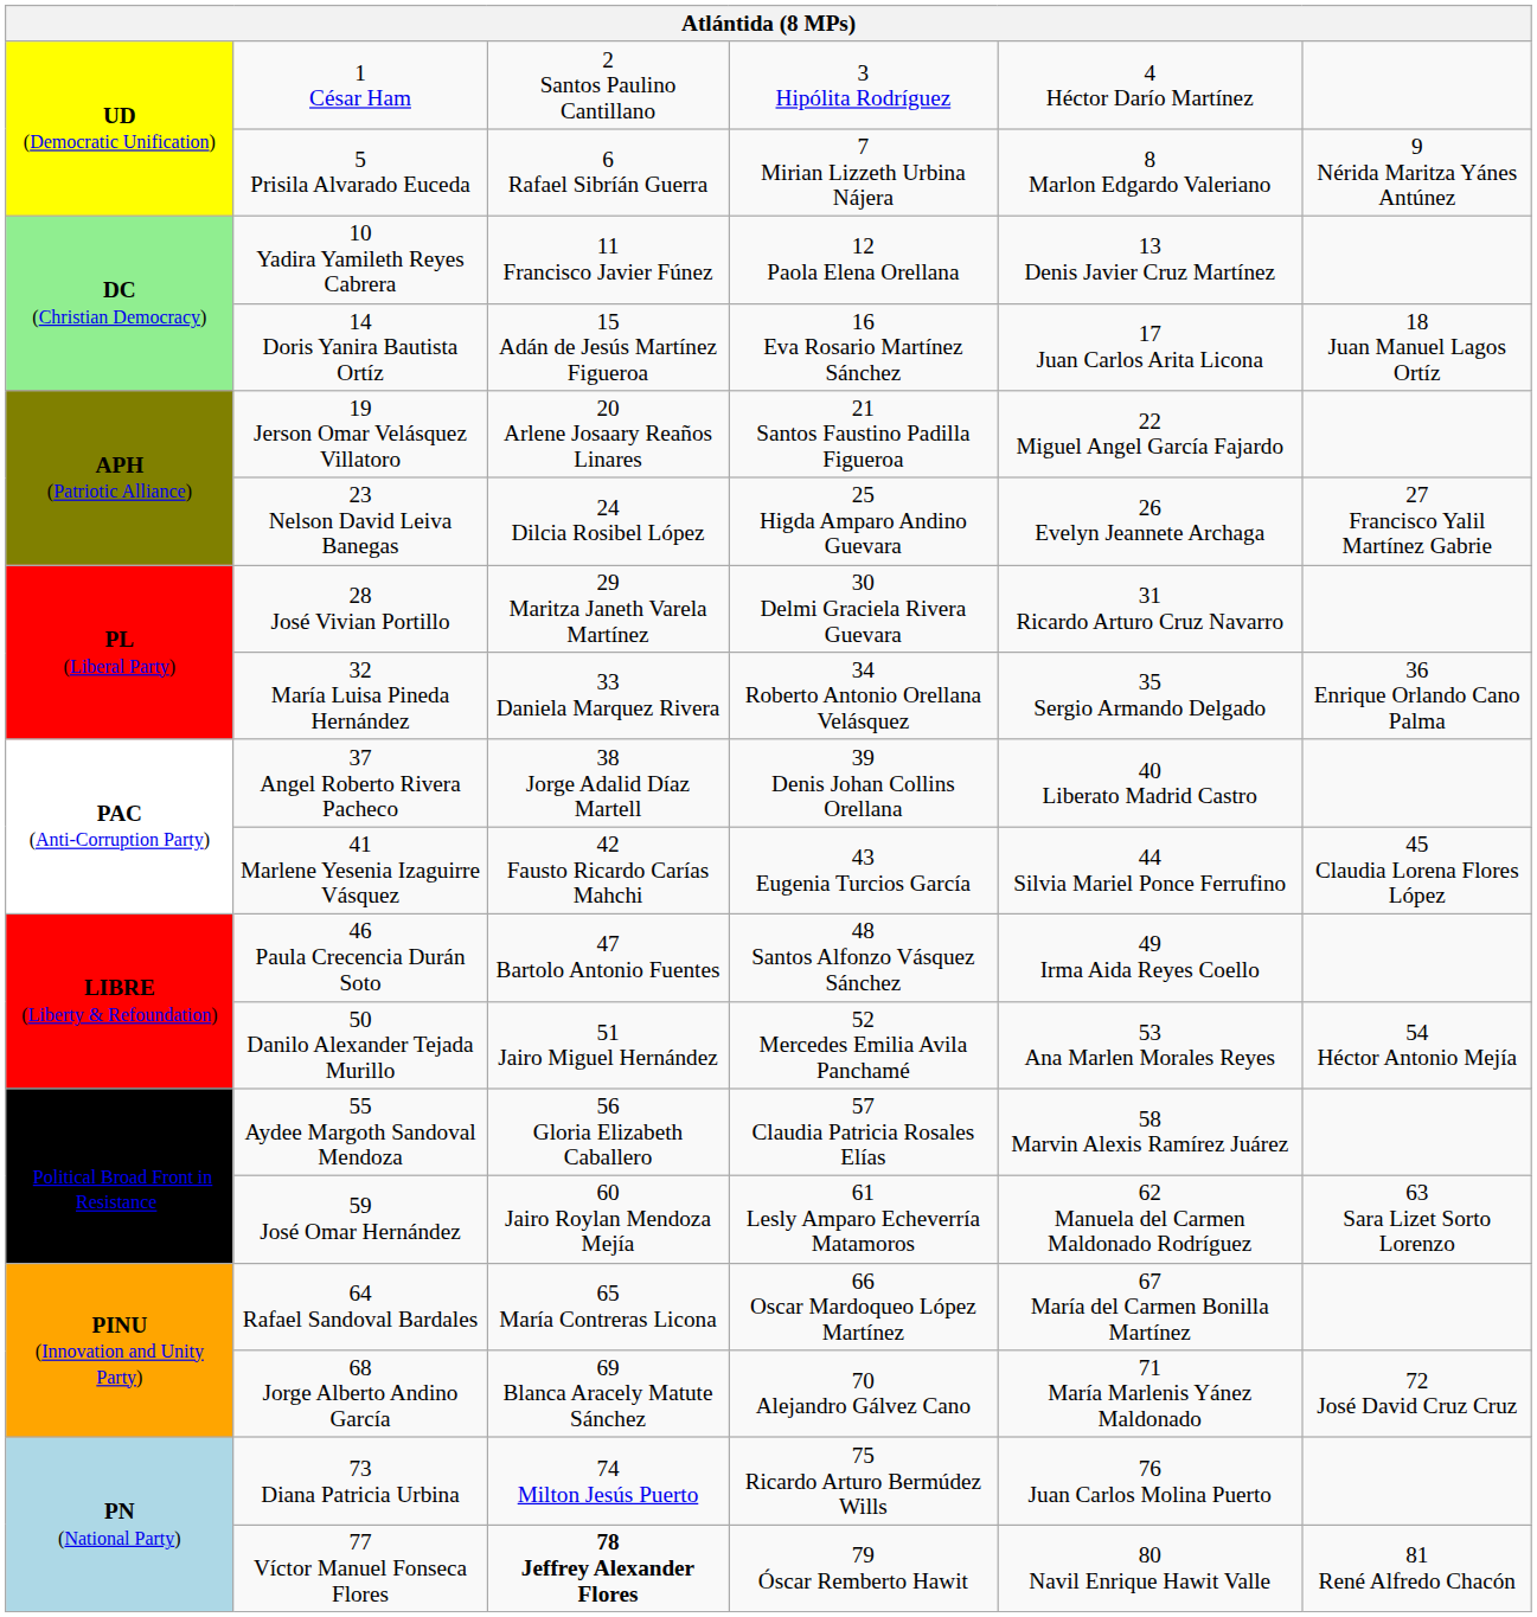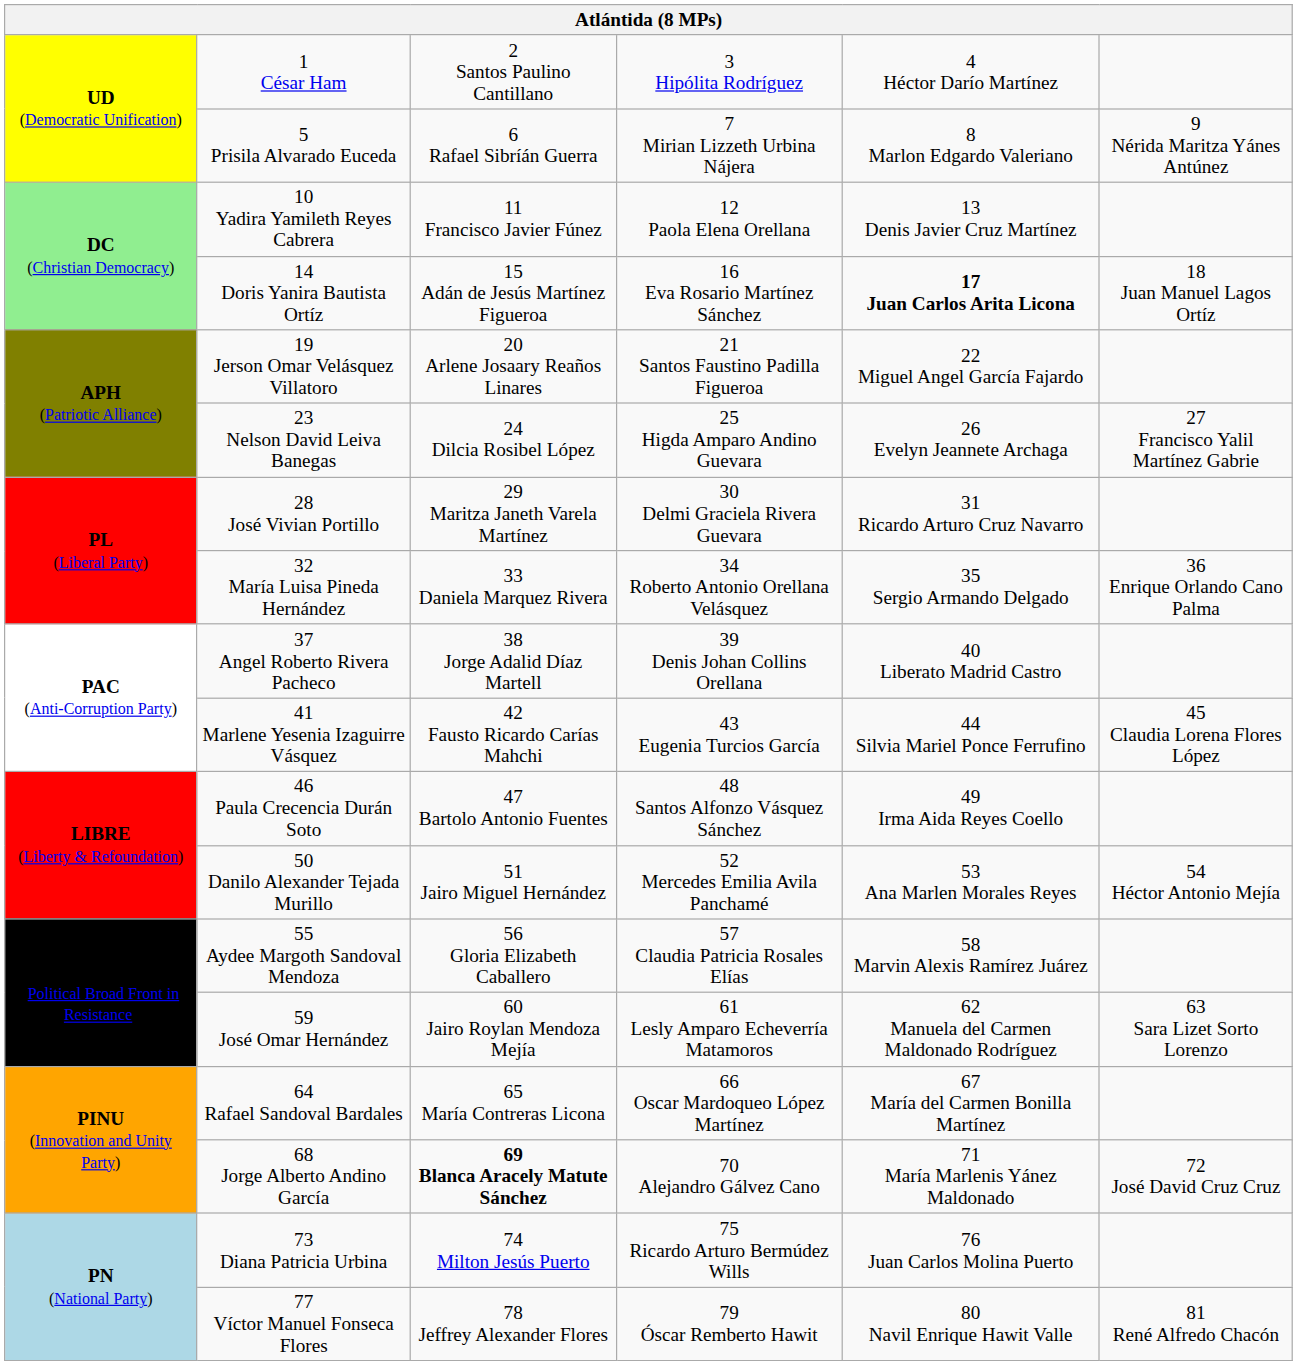 <table class="wikitable" align="center" style="width: 85%">
 <tr>
 <th colspan=24>Atlántida (8 MPs)</th>
 </tr>
 <tr align="center">
 <td bgcolor="yellow" rowspan=2><span><span><strong>UD</strong></span></span><br><small>(<a href='#'>Democratic Unification</a>)</small></td>
 <td>1<br><a href='#'>César Ham</a></td>
 <td>2<br>Santos Paulino Cantillano</td>
 <td>3<br><a href='#'>Hipólita Rodríguez</a></td>
 <td>4<br>Héctor Darío Martínez</td>
 </tr>
 <tr align="center">
 <td>5<br>Prisila Alvarado Euceda</td>
 <td>6<br>Rafael Sibríán Guerra</td>
 <td>7<br>Mirian Lizzeth Urbina Nájera</td>
 <td>8<br>Marlon Edgardo Valeriano</td>
 <td>9<br>Nérida Maritza Yánes Antúnez</td>
 </tr>
 <tr align="center">
 <td bgcolor="lightgreen" rowspan=2><span><span><strong>DC</strong></span></span><br><small>(<a href='#'>Christian Democracy</a>)</small></td>
 <td>10<br>Yadira Yamileth Reyes Cabrera</td>
 <td>11<br>Francisco Javier Fúnez</td>
 <td>12<br>Paola Elena Orellana</td>
 <td>13<br>Denis Javier Cruz Martínez</td>
 </tr>
 <tr align="center">
 <td>14<br>Doris Yanira Bautista Ortíz</td>
 <td>15<br>Adán de Jesús Martínez Figueroa</td>
 <td>16<br>Eva Rosario Martínez Sánchez</td>
-<td>17<br>Juan Carlos Arita Licona</td>
+<td><strong>17<br>Juan Carlos Arita Licona</strong></td>
 <td>18<br>Juan Manuel Lagos Ortíz</td>
 </tr>
 <tr align="center">
 <td bgcolor="olive" rowspan=2><span><span><strong>APH</strong></span></span><br><small>(<a href='#'>Patriotic Alliance</a>)</small></td>
 <td>19<br>Jerson Omar Velásquez Villatoro</td>
 <td>20<br>Arlene Josaary Reaños Linares</td>
 <td>21<br>Santos Faustino Padilla Figueroa</td>
 <td>22<br>Miguel Angel García Fajardo</td>
 </tr>
 <tr align="center">
 <td>23<br>Nelson David Leiva Banegas</td>
 <td>24<br>Dilcia Rosibel López</td>
 <td>25<br>Higda Amparo Andino Guevara</td>
 <td>26<br>Evelyn Jeannete Archaga</td>
 <td>27<br>Francisco Yalil Martínez Gabrie</td>
 </tr>
 <tr align="center">
 <td bgcolor="red" rowspan=2><span><span><strong>PL</strong></span></span><br><small>(<a href='#'>Liberal Party</a>)</small></td>
 <td>28<br>José Vivian Portillo</td>
 <td>29<br>Maritza Janeth Varela Martínez</td>
 <td>30<br>Delmi Graciela Rivera Guevara</td>
 <td>31<br>Ricardo Arturo Cruz Navarro</td>
 </tr>
 <tr align="center">
 <td>32<br>María Luisa Pineda Hernández</td>
 <td>33<br>Daniela Marquez Rivera</td>
 <td>34<br>Roberto Antonio Orellana Velásquez</td>
 <td>35<br>Sergio Armando Delgado</td>
 <td>36<br>Enrique Orlando Cano Palma</td>
 </tr>
 <tr align="center">
 <td bgcolor="white" rowspan=2><span><span><strong>PAC</strong></span></span><br><small>(<a href='#'>Anti-Corruption Party</a>)</small></td>
 <td>37<br>Angel Roberto Rivera Pacheco</td>
 <td>38<br>Jorge Adalid Díaz Martell</td>
 <td>39<br>Denis Johan Collins Orellana</td>
 <td>40<br>Liberato Madrid Castro</td>
 </tr>
 <tr align="center">
 <td>41<br>Marlene Yesenia Izaguirre Vásquez</td>
 <td>42<br>Fausto Ricardo Carías Mahchi</td>
 <td>43<br>Eugenia Turcios García</td>
 <td>44<br>Silvia Mariel Ponce Ferrufino</td>
 <td>45<br>Claudia Lorena Flores López</td>
 </tr>
 <tr align="center">
 <td bgcolor="red" rowspan=2><span><span><strong>LIBRE</strong></span></span><br><small>(<a href='#'>Liberty & Refoundation</a>)</small></td>
 <td>46<br>Paula Crecencia Durán Soto</td>
 <td>47<br>Bartolo Antonio Fuentes</td>
 <td>48<br>Santos Alfonzo Vásquez Sánchez</td>
 <td>49<br>Irma Aida Reyes Coello</td>
 </tr>
 <tr align="center">
 <td>50<br>Danilo Alexander Tejada Murillo</td>
 <td>51<br>Jairo Miguel Hernández</td>
 <td>52<br>Mercedes Emilia Avila Panchamé</td>
 <td>53<br>Ana Marlen Morales Reyes</td>
 <td>54<br>Héctor Antonio Mejía</td>
 </tr>
 <tr align="center">
 <td bgcolor="black" rowspan=2><span><span><strong>FAPER</strong></span></span><br><small>(<a href='#'>Political Broad Front in Resistance</a>)</small></td>
 <td>55<br>Aydee Margoth Sandoval Mendoza</td>
 <td>56<br>Gloria Elizabeth Caballero</td>
 <td>57<br>Claudia Patricia Rosales Elías</td>
 <td>58<br>Marvin Alexis Ramírez Juárez</td>
 </tr>
 <tr align="center">
 <td>59<br>José Omar Hernández</td>
 <td>60<br>Jairo Roylan Mendoza Mejía</td>
 <td>61<br>Lesly Amparo Echeverría Matamoros</td>
 <td>62<br>Manuela del Carmen Maldonado Rodríguez</td>
 <td>63<br>Sara Lizet Sorto Lorenzo</td>
 </tr>
 <tr align="center">
 <td bgcolor="orange" rowspan=2><span><span><strong>PINU</strong></span></span><br><small>(<a href='#'>Innovation and Unity Party</a>)</small></td>
 <td>64<br>Rafael Sandoval Bardales</td>
 <td>65<br>María Contreras Licona</td>
 <td>66<br>Oscar Mardoqueo López Martínez</td>
 <td>67<br>María del Carmen Bonilla Martínez</td>
 </tr>
 <tr align="center">
 <td>68<br>Jorge Alberto Andino García</td>
-<td>69<br>Blanca Aracely Matute Sánchez</td>
+<td><strong>69<br>Blanca Aracely Matute Sánchez</strong></td>
 <td>70<br>Alejandro Gálvez Cano</td>
 <td>71<br>María Marlenis Yánez Maldonado</td>
 <td>72<br>José David Cruz Cruz</td>
 </tr>
 <tr align="center">
 <td bgcolor="lightblue" rowspan=2><span><span><strong>PN</strong></span></span><br><small>(<a href='#'>National Party</a>)</small></td>
 <td>73<br>Diana Patricia Urbina</td>
 <td>74<br><a href='#'>Milton Jesús Puerto</a></td>
 <td>75<br>Ricardo Arturo Bermúdez Wills</td>
 <td>76<br>Juan Carlos Molina Puerto</td>
 </tr>
 <tr align="center">
 <td>77<br>Víctor Manuel Fonseca Flores</td>
-<td><strong>78<br>Jeffrey Alexander Flores</strong></td>
+<td>78<br>Jeffrey Alexander Flores</td>
 <td>79<br>Óscar Remberto Hawit</td>
 <td>80<br>Navil Enrique Hawit Valle</td>
 <td>81<br>René Alfredo Chacón</td>
 </tr>
 </table>
